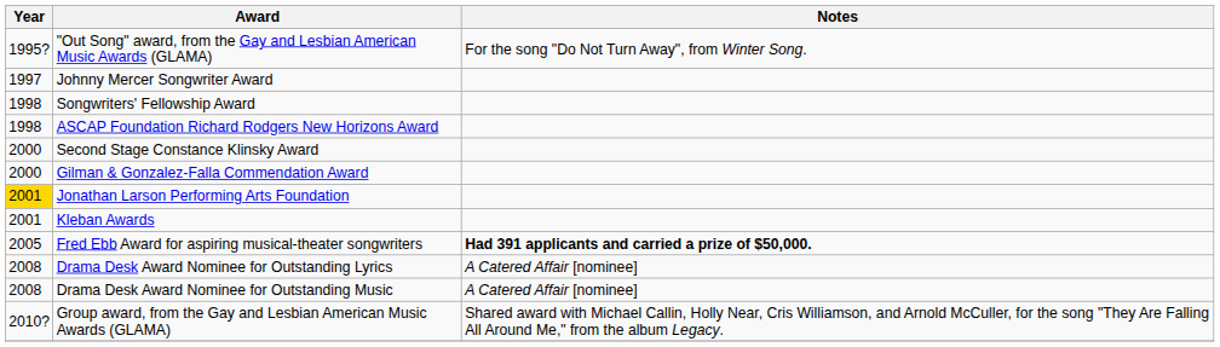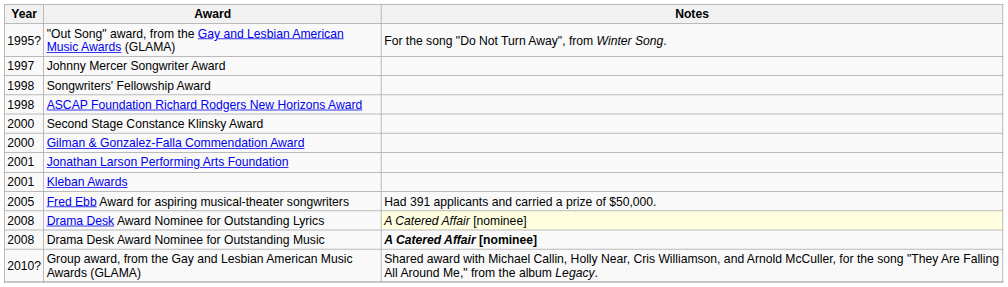 <table class="wikitable sortable"  style="font-size: 95%">
 <tr>
 <th>Year</th>
 <th>Award</th>
 <th>Notes</th>
 </tr>
 <tr>
 <td>1995?</td>
 <td>"Out Song" award, from the <a href='#'>Gay and Lesbian American Music Awards</a> (GLAMA)</td>
 <td>For the song "Do Not Turn Away", from <em>Winter Song</em>.</td>
 </tr>
 <tr>
 <td>1997</td>
 <td>Johnny Mercer Songwriter Award</td>
 <td></td>
 </tr>
 <tr>
 <td>1998</td>
 <td>Songwriters' Fellowship Award</td>
 <td></td>
 </tr>
 <tr>
 <td>1998</td>
 <td><a href='#'>ASCAP Foundation Richard Rodgers New Horizons Award</a></td>
 <td></td>
 </tr>
 <tr>
 <td>2000</td>
 <td>Second Stage Constance Klinsky Award</td>
 <td></td>
 </tr>
 <tr>
 <td>2000</td>
 <td><a href='#'>Gilman & Gonzalez-Falla Commendation Award</a></td>
 <td></td>
 </tr>
 <tr>
-<td style="background: gold;">2001</td>
+<td>2001</td>
 <td><a href='#'>Jonathan Larson Performing Arts Foundation</a></td>
 <td></td>
 </tr>
 <tr>
 <td>2001</td>
 <td><a href='#'>Kleban Awards</a></td>
 <td></td>
 </tr>
 <tr>
 <td>2005</td>
 <td><a href='#'>Fred Ebb</a> Award for aspiring musical-theater songwriters</td>
-<td><strong>Had 391 applicants and carried a prize of $50,000.</strong></td>
+<td>Had 391 applicants and carried a prize of $50,000.</td>
 </tr>
 <tr>
 <td>2008</td>
 <td><a href='#'>Drama Desk</a> Award Nominee for Outstanding Lyrics</td>
-<td><em>A Catered Affair</em> [nominee]</td>
+<td style="background: lightyellow;"><em>A Catered Affair</em> [nominee]</td>
 </tr>
 <tr>
 <td>2008</td>
 <td>Drama Desk Award Nominee for Outstanding Music</td>
-<td><em>A Catered Affair</em> [nominee]</td>
+<td><strong><em>A Catered Affair</em> [nominee]</strong></td>
 </tr>
 <tr>
 <td>2010?</td>
 <td>Group award, from the Gay and Lesbian American Music Awards (GLAMA)</td>
 <td>Shared award with Michael Callin, Holly Near, Cris Williamson, and Arnold McCuller, for the song "They Are Falling All Around Me," from the album <em>Legacy</em>.</td>
 </tr>
 <tr>
 </tr>
 </table>
